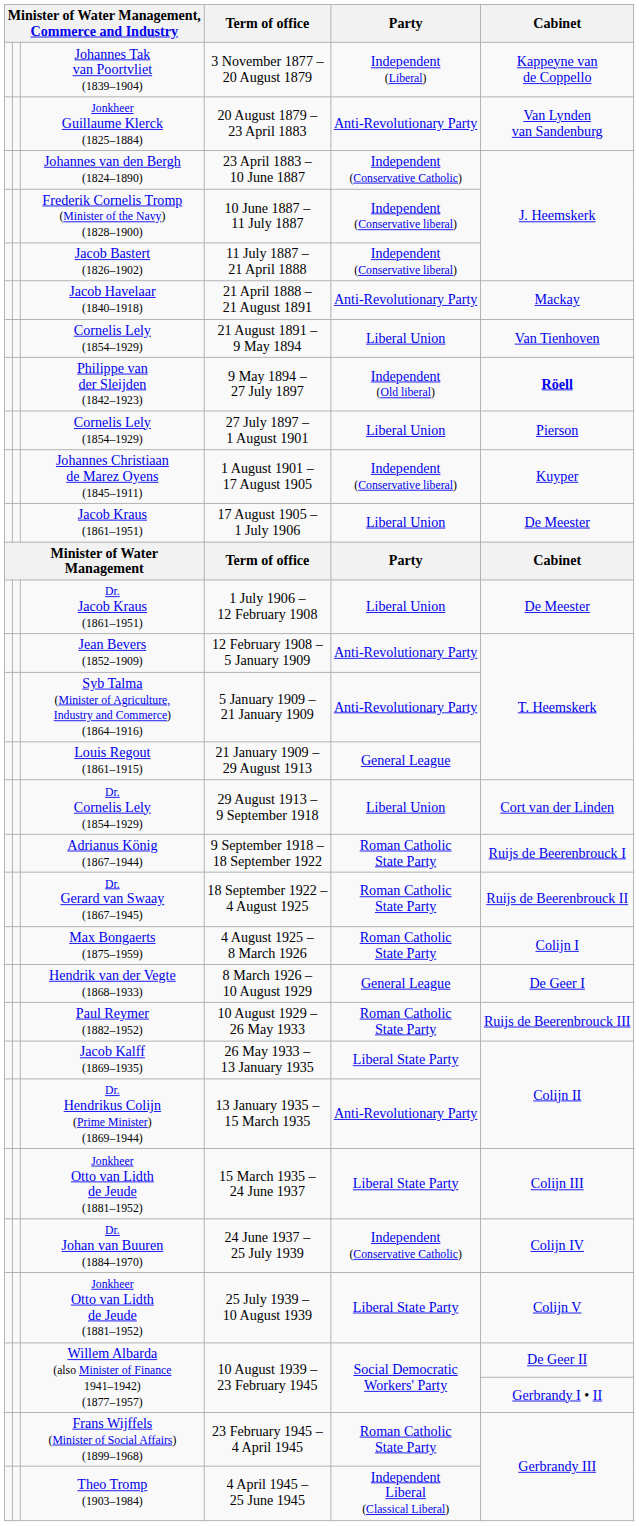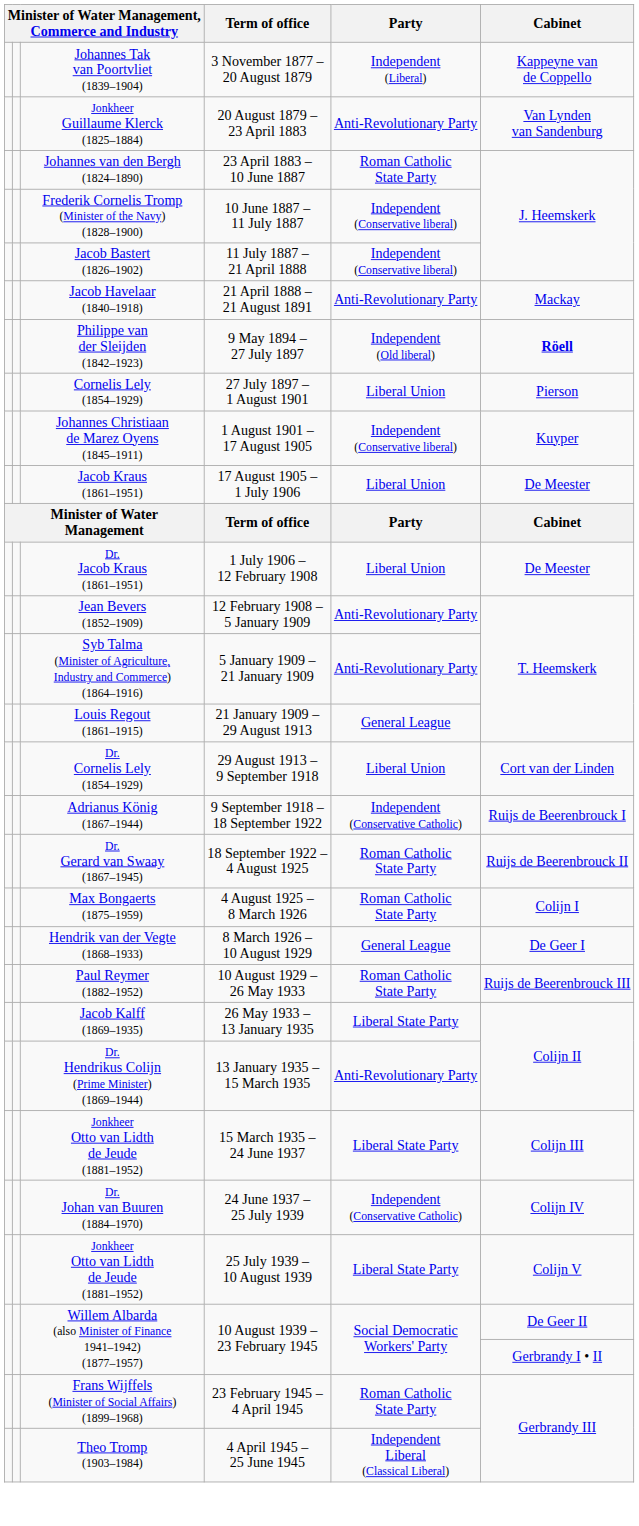 <table class="wikitable" style="text-align:center">
 <tr>
 <th colspan=3>Minister of Water Management, <br> <a href='#'>Commerce and Industry</a></th>
 <th>Term of office</th>
 <th>Party</th>
 <th>Cabinet</th>
 </tr>
 <tr>
 <td style="background:"></td>
 <td></td>
 <td><a href='#'>Johannes Tak <br> van Poortvliet</a> <br> <small>(1839–1904)</small></td>
 <td>3 November 1877 – <br> 20 August 1879</td>
 <td><a href='#'>Independent</a> <br> <small>(<a href='#'>Liberal</a>)</small></td>
 <td><a href='#'>Kappeyne van <br> de Coppello</a> <br></td>
 </tr>
 <tr>
 <td style="background:"></td>
 <td></td>
 <td><small><a href='#'>Jonkheer</a></small> <br> <a href='#'>Guillaume Klerck</a> <br> <small>(1825–1884)</small></td>
 <td>20 August 1879 – <br> 23 April 1883</td>
 <td><a href='#'>Anti-Revolutionary Party</a></td>
 <td><a href='#'>Van Lynden <br> van Sandenburg</a> <br></td>
 </tr>
 <tr>
 <td style="background:"></td>
 <td></td>
 <td><a href='#'>Johannes van den Bergh</a> <br> <small>(1824–1890)</small></td>
 <td>23 April 1883 – <br> 10 June 1887 <br> </td>
-<td><a href='#'>Independent</a> <br> <small>(<a href='#'>Conservative Catholic</a>)</small></td>
+<td><a href='#'>Roman Catholic <br> State Party</a></td>
 <td rowspan=3><a href='#'>J. Heemskerk</a> <br></td>
 </tr>
 <tr>
 <td style="background:"></td>
 <td></td>
 <td><a href='#'>Frederik Cornelis Tromp</a> <br> <small>(<a href='#'>Minister of the Navy</a>)</small> <br> <small>(1828–1900)</small></td>
 <td>10 June 1887 – <br> 11 July 1887 <br> </td>
 <td><a href='#'>Independent</a> <br> <small>(<a href='#'>Conservative liberal</a>)</small></td>
 </tr>
 <tr>
 <td style="background:"></td>
 <td></td>
 <td><a href='#'>Jacob Bastert</a> <br> <small>(1826–1902)</small></td>
 <td>11 July 1887 – <br> 21 April 1888</td>
 <td><a href='#'>Independent</a> <br> <small>(<a href='#'>Conservative liberal</a>)</small></td>
 </tr>
 <tr>
 <td style="background:"></td>
 <td></td>
 <td><a href='#'>Jacob Havelaar</a> <br> <small>(1840–1918)</small></td>
 <td>21 April 1888 – <br> 21 August 1891</td>
 <td><a href='#'>Anti-Revolutionary Party</a></td>
 <td><a href='#'>Mackay</a> <br></td>
-</tr>
-<tr>
-<td style="background:"></td>
-<td></td>
-<td><a href='#'>Cornelis Lely</a> <br> <small>(1854–1929)</small></td>
-<td>21 August 1891 – <br> 9 May 1894</td>
-<td><a href='#'>Liberal Union</a></td>
-<td><a href='#'>Van Tienhoven</a> <br></td>
 </tr>
 <tr>
 <td style="background:"></td>
 <td></td>
 <td><a href='#'>Philippe van <br> der Sleijden</a> <br> <small>(1842–1923)</small></td>
 <td>9 May 1894 – <br> 27 July 1897</td>
 <td><a href='#'>Independent</a> <br> <small>(<a href='#'>Old liberal</a>)</small></td>
 <td><strong><a href='#'>Röell</a> <br></strong></td>
 </tr>
 <tr>
 <td style="background:"></td>
 <td></td>
 <td><a href='#'>Cornelis Lely</a> <br> <small>(1854–1929)</small></td>
 <td>27 July 1897 – <br> 1 August 1901</td>
 <td><a href='#'>Liberal Union</a></td>
 <td><a href='#'>Pierson</a> <br></td>
 </tr>
 <tr>
 <td style="background:"></td>
 <td></td>
 <td><a href='#'>Johannes Christiaan <br> de Marez Oyens</a> <br> <small>(1845–1911)</small></td>
 <td>1 August 1901 – <br> 17 August 1905</td>
 <td><a href='#'>Independent</a> <br> <small>(<a href='#'>Conservative liberal</a>)</small></td>
 <td><a href='#'>Kuyper</a> <br></td>
 </tr>
 <tr>
 <td style="background:"></td>
 <td></td>
 <td><a href='#'>Jacob Kraus</a> <br> <small>(1861–1951)</small></td>
 <td>17 August 1905 – <br> 1 July 1906</td>
 <td><a href='#'>Liberal Union</a></td>
 <td><a href='#'>De Meester</a> <br></td>
 </tr>
 <tr>
 <th colspan=3>Minister of Water <br> Management</th>
 <th>Term of office</th>
 <th>Party</th>
 <th>Cabinet</th>
 </tr>
 <tr>
 <td style="background:"></td>
 <td></td>
 <td><small><a href='#'>Dr.</a></small> <br> <a href='#'>Jacob Kraus</a> <br> <small>(1861–1951)</small></td>
 <td>1 July 1906 – <br> 12 February 1908</td>
 <td><a href='#'>Liberal Union</a></td>
 <td><a href='#'>De Meester</a> <br></td>
 </tr>
 <tr>
 <td style="background:"></td>
 <td></td>
 <td><a href='#'>Jean Bevers</a> <br> <small>(1852–1909)</small></td>
 <td>12 February 1908 – <br> 5 January 1909 <br> </td>
 <td><a href='#'>Anti-Revolutionary Party</a></td>
 <td rowspan=3><a href='#'>T. Heemskerk</a> <br></td>
 </tr>
 <tr>
 <td style="background:"></td>
 <td></td>
 <td><a href='#'>Syb Talma</a> <br> <small>(<a href='#'>Minister of Agriculture, <br> Industry and Commerce</a>)</small> <br> <small>(1864–1916)</small></td>
 <td>5 January 1909 – <br> 21 January 1909 <br> </td>
 <td><a href='#'>Anti-Revolutionary Party</a></td>
 </tr>
 <tr>
 <td style="background:"></td>
 <td></td>
 <td><a href='#'>Louis Regout</a> <br> <small>(1861–1915)</small></td>
 <td>21 January 1909 – <br> 29 August 1913</td>
 <td><a href='#'>General League</a></td>
 </tr>
 <tr>
 <td style="background:"></td>
 <td></td>
 <td><small><a href='#'>Dr.</a></small> <br> <a href='#'>Cornelis Lely</a> <br> <small>(1854–1929)</small></td>
 <td>29 August 1913 – <br> 9 September 1918</td>
 <td><a href='#'>Liberal Union</a></td>
 <td><a href='#'>Cort van der Linden</a> <br></td>
 </tr>
 <tr>
 <td style="background:"></td>
 <td></td>
 <td><a href='#'>Adrianus König</a> <br> <small>(1867–1944)</small></td>
 <td>9 September 1918 – <br> 18 September 1922</td>
-<td><a href='#'>Roman Catholic <br> State Party</a></td>
+<td><a href='#'>Independent</a> <br> <small>(<a href='#'>Conservative Catholic</a>)</small></td>
 <td><a href='#'>Ruijs de Beerenbrouck I</a> <br></td>
 </tr>
 <tr>
 <td style="background:"></td>
 <td></td>
 <td><small><a href='#'>Dr.</a></small> <br> <a href='#'>Gerard van Swaay</a> <br> <small>(1867–1945)</small></td>
 <td>18 September 1922 – <br> 4 August 1925</td>
 <td><a href='#'>Roman Catholic <br> State Party</a></td>
 <td><a href='#'>Ruijs de Beerenbrouck II</a> <br></td>
 </tr>
 <tr>
 <td style="background:"></td>
 <td></td>
 <td><a href='#'>Max Bongaerts</a> <br> <small>(1875–1959)</small></td>
 <td>4 August 1925 – <br> 8 March 1926</td>
 <td><a href='#'>Roman Catholic <br> State Party</a></td>
 <td><a href='#'>Colijn I</a> <br></td>
 </tr>
 <tr>
 <td style="background:"></td>
 <td></td>
 <td><a href='#'>Hendrik van der Vegte</a> <br> <small>(1868–1933)</small></td>
 <td>8 March 1926 – <br> 10 August 1929</td>
 <td><a href='#'>General League</a></td>
 <td><a href='#'>De Geer I</a> <br></td>
 </tr>
 <tr>
 <td style="background:"></td>
 <td></td>
 <td><a href='#'>Paul Reymer</a> <br> <small>(1882–1952)</small></td>
 <td>10 August 1929 – <br> 26 May 1933</td>
 <td><a href='#'>Roman Catholic <br> State Party</a></td>
 <td><a href='#'>Ruijs de Beerenbrouck III</a> <br></td>
 </tr>
 <tr>
 <td style="background:"></td>
 <td></td>
 <td><a href='#'>Jacob Kalff</a> <br> <small>(1869–1935)</small></td>
 <td>26 May 1933 – <br> 13 January 1935 <br> </td>
 <td><a href='#'>Liberal State Party</a></td>
 <td rowspan=3><a href='#'>Colijn II</a> <br></td>
 </tr>
 <tr>
 <td style="background:"></td>
 <td></td>
 <td><small><a href='#'>Dr.</a></small> <br> <a href='#'>Hendrikus Colijn</a> <br> <small>(<a href='#'>Prime Minister</a>)</small> <br> <small>(1869–1944)</small></td>
 <td>13 January 1935 – <br> 15 March 1935 <br> </td>
 <td><a href='#'>Anti-Revolutionary Party</a></td>
 </tr>
 <tr>
 <td rowspan=2 style="background:"></td>
 <td rowspan=2></td>
 <td rowspan=2><small><a href='#'>Jonkheer</a></small> <br> <a href='#'>Otto van Lidth <br> de Jeude</a> <br> <small>(1881–1952)</small></td>
 <td rowspan=2>15 March 1935 – <br> 24 June 1937</td>
 <td rowspan=2><a href='#'>Liberal State Party</a></td>
 </tr>
 <tr>
 <td><a href='#'>Colijn III</a> <br></td>
 </tr>
 <tr>
 <td style="background:"></td>
 <td></td>
 <td><small><a href='#'>Dr.</a></small> <br> <a href='#'>Johan van Buuren</a> <br> <small>(1884–1970)</small></td>
 <td>24 June 1937 – <br> 25 July 1939</td>
 <td><a href='#'>Independent</a> <br> <small>(<a href='#'>Conservative Catholic</a>)</small></td>
 <td><a href='#'>Colijn IV</a> <br></td>
 </tr>
 <tr>
 <td style="background:"></td>
 <td></td>
 <td><small><a href='#'>Jonkheer</a></small> <br> <a href='#'>Otto van Lidth <br> de Jeude</a> <br> <small>(1881–1952)</small></td>
 <td>25 July 1939 – <br> 10 August 1939</td>
 <td><a href='#'>Liberal State Party</a></td>
 <td><a href='#'>Colijn V</a> <br></td>
 </tr>
 <tr>
 <td rowspan=2 style="background:"></td>
 <td rowspan=2></td>
 <td rowspan=2><a href='#'>Willem Albarda</a> <br> <small>(also <a href='#'>Minister of Finance</a> <br> 1941–1942)</small> <br> <small>(1877–1957)</small></td>
 <td rowspan=2>10 August 1939 – <br> 23 February 1945</td>
 <td rowspan=2><a href='#'>Social Democratic <br> Workers' Party</a></td>
 <td><a href='#'>De Geer II</a> <br></td>
 </tr>
 <tr>
 <td><a href='#'>Gerbrandy I</a> • <a href='#'>II</a> <br></td>
 </tr>
 <tr>
 <td style="background:"></td>
 <td></td>
 <td><a href='#'>Frans Wijffels</a> <br> <small>(<a href='#'>Minister of Social Affairs</a>)</small> <br> <small>(1899–1968)</small></td>
 <td>23 February 1945 – <br> 4 April 1945 <br> </td>
 <td><a href='#'>Roman Catholic <br> State Party</a></td>
 <td rowspan=2><a href='#'>Gerbrandy III</a> <br></td>
 </tr>
 <tr>
 <td style="background:"></td>
 <td></td>
 <td><a href='#'>Theo Tromp</a> <br> <small>(1903–1984)</small></td>
 <td>4 April 1945 – <br> 25 June 1945</td>
 <td><a href='#'>Independent <br> Liberal</a> <br> <small>(<a href='#'>Classical Liberal</a>)</small></td>
 </tr>
 </table>
